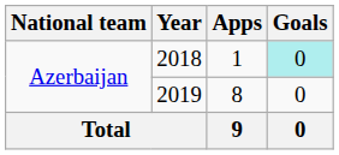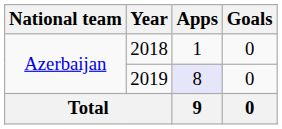 <table class="wikitable" style="text-align:center">
 <tr>
 <th>National team</th>
 <th>Year</th>
 <th>Apps</th>
 <th>Goals</th>
 </tr>
 <tr>
 <td rowspan="2"><a href='#'>Azerbaijan</a></td>
 <td>2018</td>
 <td>1</td>
-<td style="background: paleturquoise;">0</td>
+<td>0</td>
 </tr>
 <tr>
 <td>2019</td>
-<td>8</td>
+<td style="background: lavender;">8</td>
 <td>0</td>
 </tr>
 <tr>
 <th colspan="2">Total</th>
 <th>9</th>
 <th>0</th>
 </tr>
 </table>
